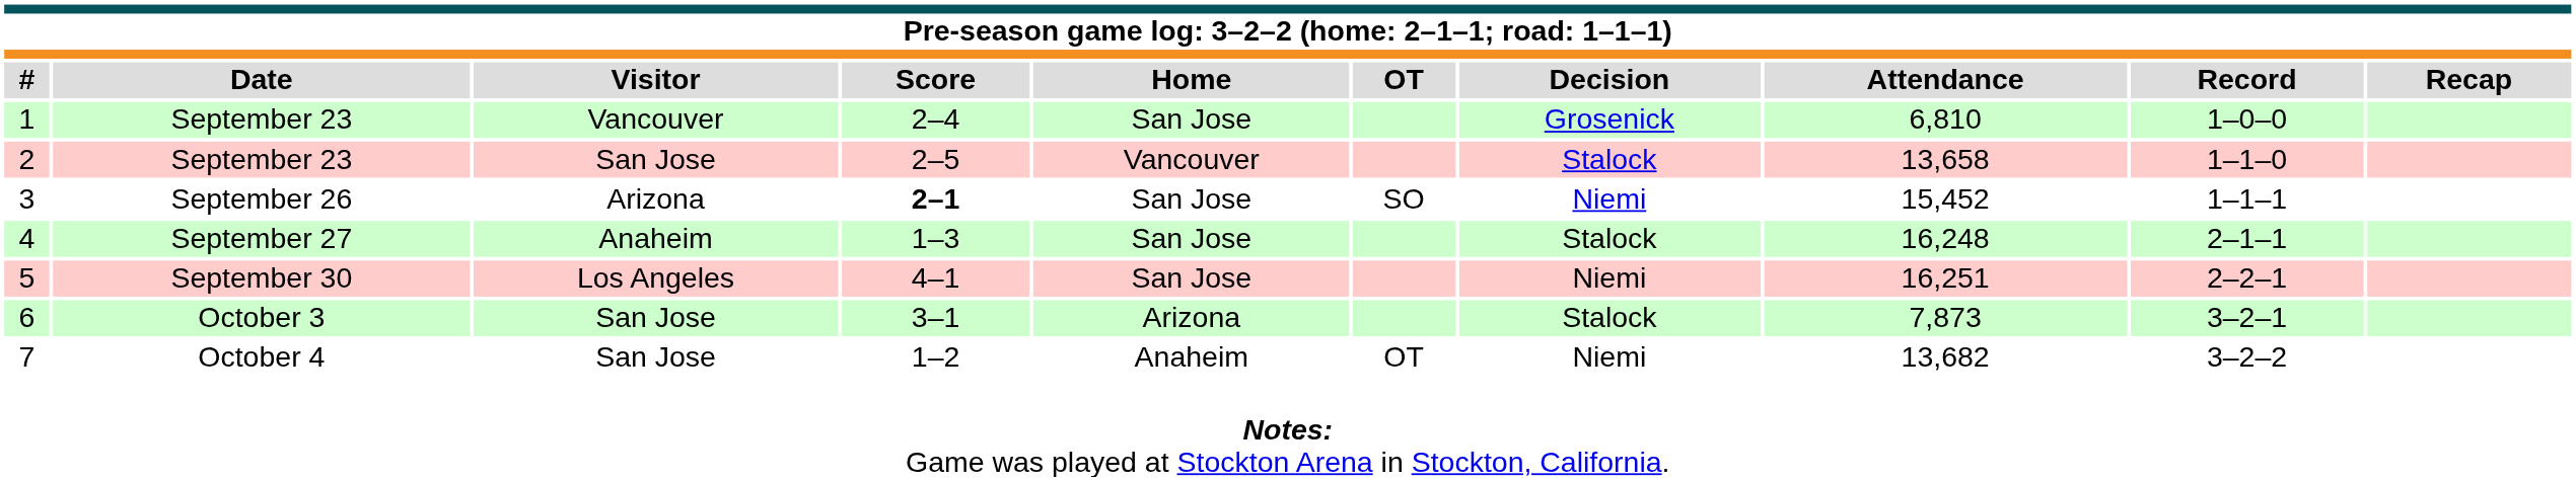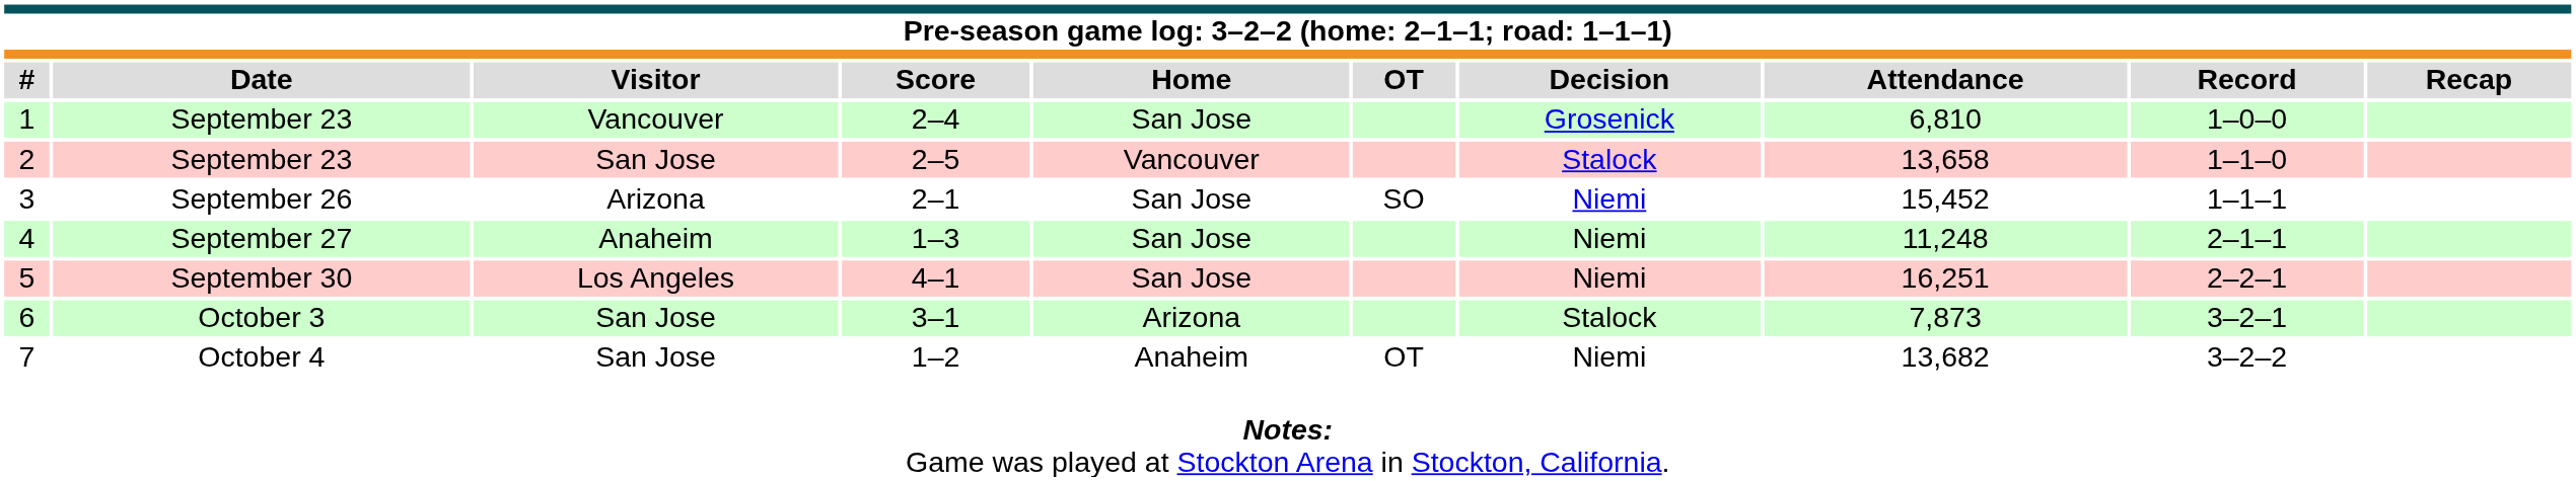 <table class="toccolours collapsible collapsed" style="width:90%; clear:both; margin:1.5em auto; text-align:center;">
 <tr>
 <th colspan=10 style="background:#fff; border-top:#05535D 5px solid; border-bottom:#F38F20 5px solid;">Pre-season game log: 3–2–2 (home: 2–1–1; road: 1–1–1)</th>
 </tr>
 <tr bgcolor=dddddd>
 <th>#</th>
 <th>Date</th>
 <th>Visitor</th>
 <th>Score</th>
 <th>Home</th>
 <th>OT</th>
 <th>Decision</th>
 <th>Attendance</th>
 <th>Record</th>
 <th>Recap</th>
 </tr>
 <tr bgcolor=ccffcc>
 <td>1</td>
 <td>September 23</td>
 <td>Vancouver</td>
 <td>2–4</td>
 <td>San Jose</td>
 <td></td>
 <td><a href='#'>Grosenick</a></td>
 <td>6,810</td>
 <td>1–0–0</td>
 <td></td>
 </tr>
 <tr bgcolor=ffcccc>
 <td>2</td>
 <td>September 23</td>
 <td>San Jose</td>
 <td>2–5</td>
 <td>Vancouver</td>
 <td></td>
 <td><a href='#'>Stalock</a></td>
 <td>13,658</td>
 <td>1–1–0</td>
 <td></td>
 </tr>
 <tr bgcolor=ffffff>
 <td>3</td>
 <td>September 26</td>
 <td>Arizona</td>
-<td><strong>2–1</strong></td>
+<td>2–1</td>
 <td>San Jose</td>
 <td>SO</td>
 <td><a href='#'>Niemi</a></td>
 <td>15,452</td>
 <td>1–1–1</td>
 <td></td>
 </tr>
 <tr bgcolor=ccffcc>
 <td>4</td>
 <td>September 27</td>
 <td>Anaheim</td>
 <td>1–3</td>
 <td>San Jose</td>
 <td></td>
-<td>Stalock</td>
-<td>16,248</td>
+<td>Niemi</td>
+<td>11,248</td>
 <td>2–1–1</td>
 <td></td>
 </tr>
 <tr bgcolor=ffcccc>
 <td>5</td>
 <td>September 30</td>
 <td>Los Angeles</td>
 <td>4–1</td>
 <td>San Jose</td>
 <td></td>
 <td>Niemi</td>
 <td>16,251</td>
 <td>2–2–1</td>
 <td></td>
 </tr>
 <tr bgcolor=ccffcc>
 <td>6</td>
 <td>October 3</td>
 <td>San Jose</td>
 <td>3–1</td>
 <td>Arizona</td>
 <td></td>
 <td>Stalock</td>
 <td>7,873</td>
 <td>3–2–1</td>
 <td></td>
 </tr>
 <tr bgcolor=ffffff>
 <td>7</td>
 <td>October 4</td>
 <td>San Jose</td>
 <td>1–2</td>
 <td>Anaheim</td>
 <td>OT</td>
 <td>Niemi</td>
 <td>13,682</td>
 <td>3–2–2</td>
 <td></td>
 </tr>
 <tr>
 <td colspan="10" style="text-align:center;"><br><strong><em>Notes:</em></strong><br> Game was played at <a href='#'>Stockton Arena</a> in <a href='#'>Stockton, California</a>.</td>
 </tr>
 </table>
